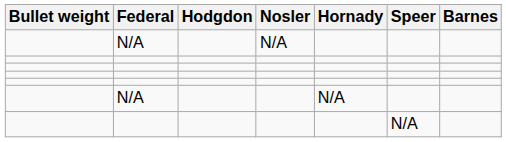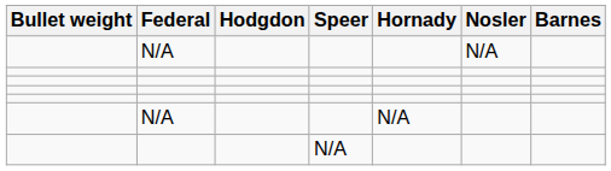 <table class="wikitable" style="margin: 1em auto;">
 <tr>
 <th>Bullet weight</th>
 <th>Federal</th>
 <th>Hodgdon</th>
+<th>Speer</th>
+<th>Hornady</th>
 <th>Nosler</th>
-<th>Hornady</th>
-<th>Speer</th>
 <th>Barnes</th>
 </tr>
 <tr>
 <td></td>
 <td>N/A</td>
 <td></td>
-<td>N/A</td>
 <td></td>
 <td></td>
+<td>N/A</td>
 <td></td>
 </tr>
 <tr>
 <td></td>
 <td></td>
 <td></td>
 <td></td>
 <td></td>
 <td></td>
 <td></td>
 </tr>
 <tr>
 <td></td>
 <td></td>
 <td></td>
 <td></td>
 <td></td>
 <td></td>
 <td></td>
 </tr>
 <tr>
 <td></td>
 <td></td>
 <td></td>
 <td></td>
 <td></td>
 <td></td>
 <td></td>
 </tr>
 <tr>
 <td></td>
 <td></td>
 <td></td>
 <td></td>
 <td></td>
 <td></td>
 <td></td>
 </tr>
 <tr>
 <td></td>
 <td>N/A</td>
 <td></td>
 <td></td>
 <td>N/A</td>
 <td></td>
 <td></td>
 </tr>
 <tr>
 <td></td>
 <td></td>
 <td></td>
+<td>N/A</td>
 <td></td>
 <td></td>
-<td>N/A</td>
 <td></td>
 </tr>
 </table>
